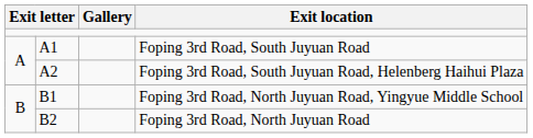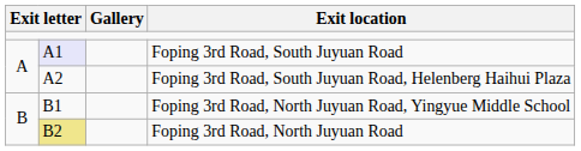 <table class="wikitable">
 <tr>
 <th colspan=2 style="width:70px">Exit letter</th>
 <th>Gallery</th>
 <th>Exit location</th>
 </tr>
 <tr style="background:#">
 <td colspan="4"></td>
 </tr>
 <tr>
 <td rowspan=2 align=center>A</td>
-<td>A1</td>
+<td style="background: lavender;">A1</td>
 <td></td>
 <td>Foping 3rd Road, South Juyuan Road</td>
 </tr>
 <tr>
 <td>A2</td>
 <td></td>
 <td>Foping 3rd Road, South Juyuan Road, Helenberg Haihui Plaza</td>
 </tr>
 <tr>
 <td rowspan=2 align=center>B</td>
 <td>B1</td>
 <td></td>
 <td>Foping 3rd Road, North Juyuan Road, Yingyue Middle School</td>
 </tr>
 <tr>
-<td>B2</td>
+<td style="background: khaki;">B2</td>
 <td></td>
 <td>Foping 3rd Road, North Juyuan Road</td>
 </tr>
 </table>
